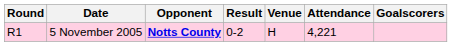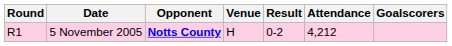 <table class="wikitable">
 <tr>
 <th>Round</th>
 <th>Date</th>
 <th>Opponent</th>
+<th>Venue</th>
 <th>Result</th>
-<th>Venue</th>
 <th>Attendance</th>
 <th>Goalscorers</th>
 </tr>
 <tr style="background-color: #ffd0e3;">
 <td>R1</td>
 <td>5 November 2005</td>
 <td><strong><a href='#'>Notts County</a></strong></td>
+<td>H</td>
 <td>0-2</td>
-<td>H</td>
-<td>4,221</td>
+<td>4,212</td>
 <td></td>
 </tr>
 </table>
